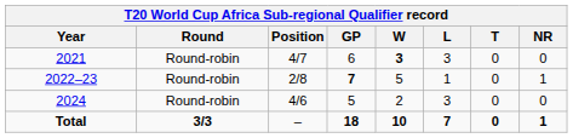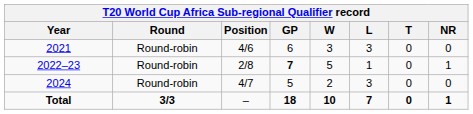 <table class="wikitable" style="text-align: center; width=900px;">
 <tr>
 <th colspan=9><a href='#'>T20 World Cup Africa Sub-regional Qualifier</a> record</th>
 </tr>
 <tr>
 <th width=150>Year</th>
 <th width=150>Round</th>
 <th width=50>Position</th>
 <th width=50>GP</th>
 <th width=50>W</th>
 <th width=50>L</th>
 <th width=50>T</th>
 <th width=50>NR</th>
 </tr>
 <tr>
 <td> <a href='#'>2021</a></td>
 <td>Round-robin</td>
-<td>4/7</td>
+<td>4/6</td>
 <td>6</td>
-<td><strong>3</strong></td>
+<td>3</td>
 <td>3</td>
 <td>0</td>
 <td>0</td>
 </tr>
 <tr>
 <td> <a href='#'>2022–23</a></td>
 <td>Round-robin</td>
 <td>2/8</td>
 <td><strong>7</strong></td>
 <td>5</td>
 <td>1</td>
 <td>0</td>
 <td>1</td>
 </tr>
 <tr>
 <td> <a href='#'>2024</a></td>
 <td>Round-robin</td>
-<td>4/6</td>
+<td>4/7</td>
 <td>5</td>
 <td>2</td>
 <td>3</td>
 <td>0</td>
 <td>0</td>
 </tr>
 <tr>
 <td><strong>Total</strong></td>
 <td><strong>3/3</strong></td>
 <td>–</td>
 <td><strong>18</strong></td>
 <td><strong>10</strong></td>
 <td><strong>7</strong></td>
 <td><strong>0</strong></td>
 <td><strong>1</strong></td>
 </tr>
 </table>
